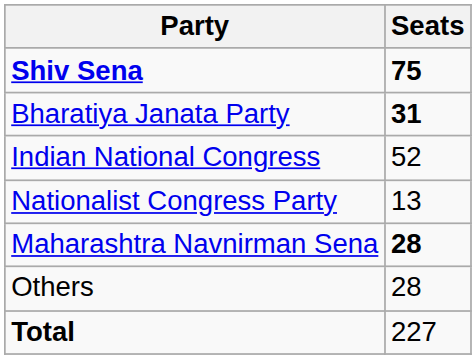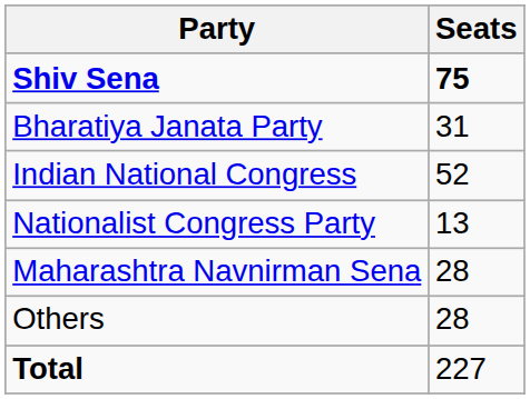 <table class="wikitable">
 <tr>
 <th>Party</th>
 <th>Seats</th>
 </tr>
 <tr>
 <td><strong><a href='#'>Shiv Sena</a></strong></td>
 <td><strong>75</strong></td>
 </tr>
 <tr>
 <td><a href='#'>Bharatiya Janata Party</a></td>
-<td><strong>31</strong></td>
+<td>31</td>
 </tr>
 <tr>
 <td><a href='#'>Indian National Congress</a></td>
 <td>52</td>
 </tr>
 <tr>
 <td><a href='#'>Nationalist Congress Party</a></td>
 <td>13</td>
 </tr>
 <tr>
 <td><a href='#'>Maharashtra Navnirman Sena</a></td>
-<td><strong>28</strong></td>
+<td>28</td>
 </tr>
 <tr>
 <td>Others</td>
 <td>28</td>
 </tr>
 <tr>
 <td><strong>Total</strong></td>
 <td>227</td>
 </tr>
 </table>
